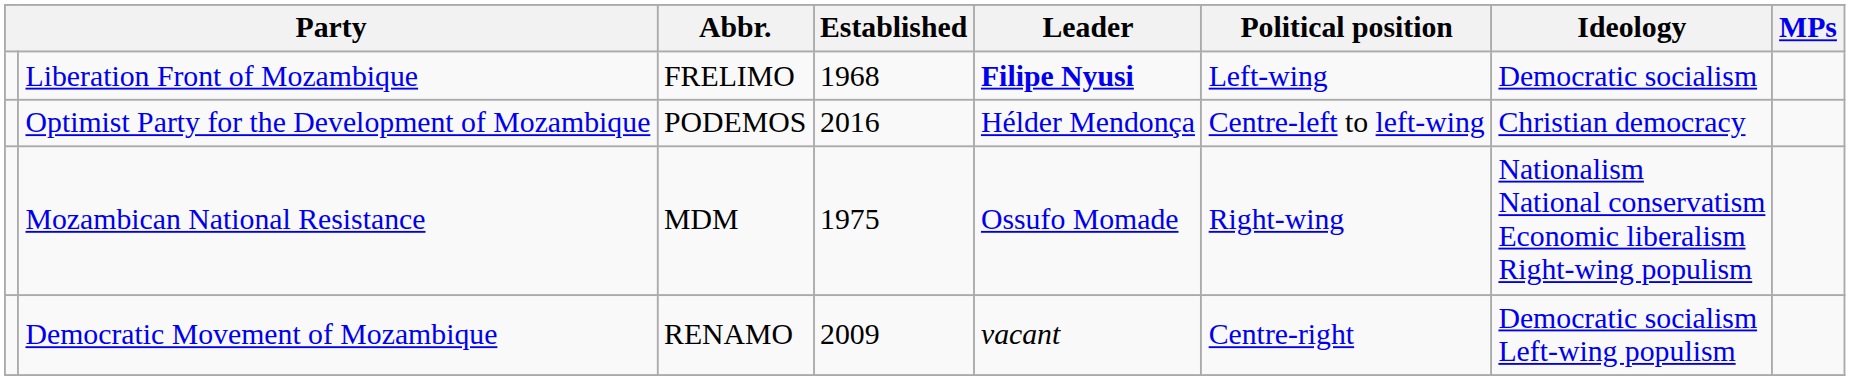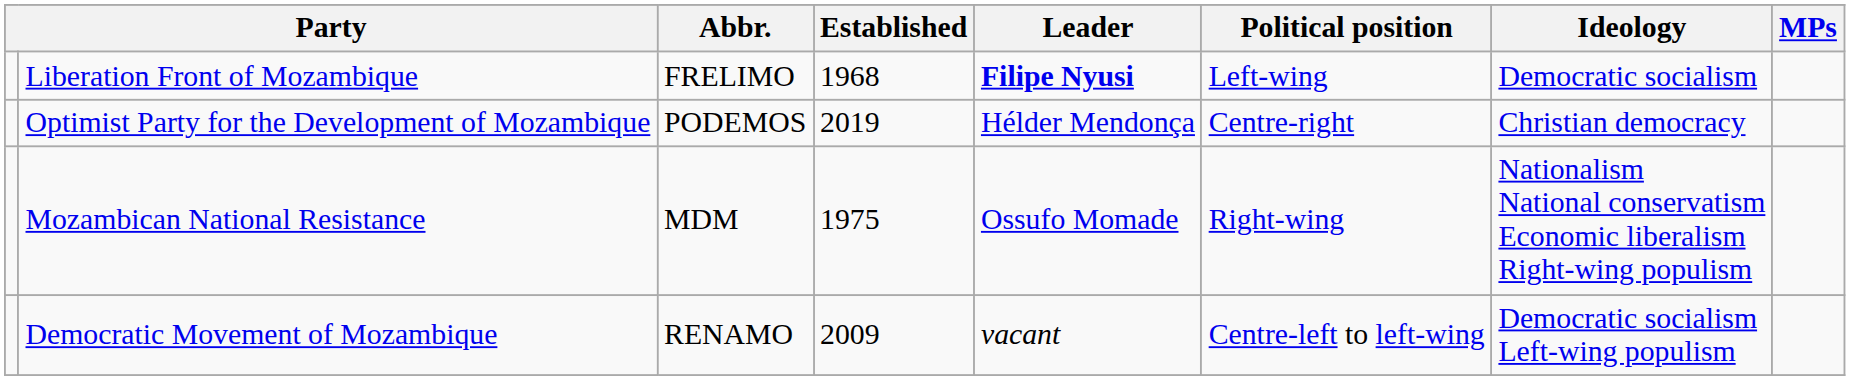 <table class="wikitable">
 <tr>
 <th colspan=2>Party</th>
 <th>Abbr.</th>
 <th>Established</th>
 <th>Leader</th>
 <th>Political position</th>
 <th>Ideology</th>
 <th><a href='#'>MPs</a></th>
 </tr>
 <tr>
 <td bgcolor=></td>
 <td><a href='#'>Liberation Front of Mozambique</a><br><small></small></td>
 <td>FRELIMO</td>
 <td>1968</td>
 <td><strong><a href='#'>Filipe Nyusi</a></strong></td>
 <td><a href='#'>Left-wing</a></td>
 <td><a href='#'>Democratic socialism</a></td>
 <td></td>
 </tr>
 <tr>
 <td></td>
 <td><a href='#'>Optimist Party for the Development of Mozambique</a><br></td>
 <td>PODEMOS</td>
-<td>2016</td>
+<td>2019</td>
 <td><a href='#'>Hélder Mendonça</a></td>
-<td><a href='#'>Centre-left</a> to <a href='#'>left-wing</a></td>
+<td><a href='#'>Centre-right</a></td>
 <td><a href='#'>Christian democracy</a></td>
 <td></td>
 </tr>
 <tr>
 <td></td>
 <td><a href='#'>Mozambican National Resistance</a><br><small></small></td>
 <td>MDM</td>
 <td>1975</td>
 <td><a href='#'>Ossufo Momade</a></td>
 <td><a href='#'>Right-wing</a></td>
 <td><a href='#'>Nationalism</a><br><a href='#'>National conservatism</a><br><a href='#'>Economic liberalism</a><br><a href='#'>Right-wing populism</a></td>
 <td></td>
 </tr>
 <tr>
 <td></td>
 <td><a href='#'>Democratic Movement of Mozambique</a><br><small></small></td>
 <td>RENAMO</td>
 <td>2009</td>
 <td><em>vacant</em></td>
-<td><a href='#'>Centre-right</a></td>
+<td><a href='#'>Centre-left</a> to <a href='#'>left-wing</a></td>
 <td><a href='#'>Democratic socialism</a><br><a href='#'>Left-wing populism</a></td>
 <td></td>
 </tr>
 </table>
